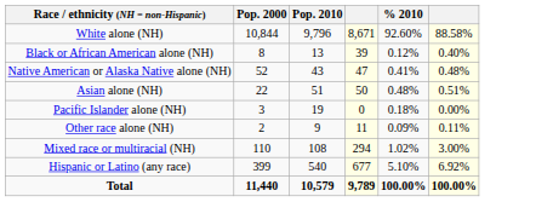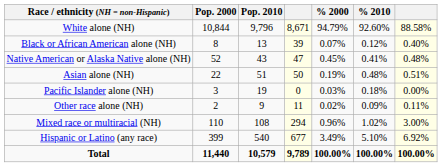 <table class="wikitable" style="text-align:center;">
 <tr>
 <th>Race / ethnicity <small>(<em>NH = non-Hispanic</em>)</small></th>
 <th>Pop. 2000</th>
 <th>Pop. 2010</th>
 <th></th>
+<th>% 2000</th>
 <th>% 2010</th>
 <th></th>
 </tr>
 <tr>
 <td><a href='#'>White</a> alone (NH)</td>
 <td>10,844</td>
 <td>9,796</td>
 <td style='background: #ffffe6;'>8,671</td>
+<td>94.79%</td>
 <td>92.60%</td>
 <td style='background: #ffffe6;'>88.58%</td>
 </tr>
 <tr>
 <td><a href='#'>Black or African American</a> alone (NH)</td>
 <td>8</td>
 <td>13</td>
 <td style='background: #ffffe6;'>39</td>
+<td>0.07%</td>
 <td>0.12%</td>
 <td style='background: #ffffe6;'>0.40%</td>
 </tr>
 <tr>
 <td><a href='#'>Native American</a> or <a href='#'>Alaska Native</a> alone (NH)</td>
 <td>52</td>
 <td>43</td>
 <td style='background: #ffffe6;'>47</td>
+<td>0.45%</td>
 <td>0.41%</td>
 <td style='background: #ffffe6;'>0.48%</td>
 </tr>
 <tr>
 <td><a href='#'>Asian</a> alone (NH)</td>
 <td>22</td>
 <td>51</td>
 <td style='background: #ffffe6;'>50</td>
+<td>0.19%</td>
 <td>0.48%</td>
 <td style='background: #ffffe6;'>0.51%</td>
 </tr>
 <tr>
 <td><a href='#'>Pacific Islander</a> alone (NH)</td>
 <td>3</td>
 <td>19</td>
 <td style='background: #ffffe6;'>0</td>
+<td>0.03%</td>
 <td>0.18%</td>
 <td style='background: #ffffe6;'>0.00%</td>
 </tr>
 <tr>
 <td><a href='#'>Other race</a> alone (NH)</td>
 <td>2</td>
 <td>9</td>
 <td style='background: #ffffe6;'>11</td>
+<td>0.02%</td>
 <td>0.09%</td>
 <td style='background: #ffffe6;'>0.11%</td>
 </tr>
 <tr>
 <td><a href='#'>Mixed race or multiracial</a> (NH)</td>
 <td>110</td>
 <td>108</td>
 <td style='background: #ffffe6;'>294</td>
+<td>0.96%</td>
 <td>1.02%</td>
 <td style='background: #ffffe6;'>3.00%</td>
 </tr>
 <tr>
 <td><a href='#'>Hispanic or Latino</a> (any race)</td>
 <td>399</td>
 <td>540</td>
 <td style='background: #ffffe6;'>677</td>
+<td>3.49%</td>
 <td>5.10%</td>
 <td style='background: #ffffe6;'>6.92%</td>
 </tr>
 <tr>
 <td><strong>Total</strong></td>
 <td><strong>11,440</strong></td>
 <td><strong>10,579</strong></td>
 <td style='background: #ffffe6;'><strong>9,789</strong></td>
 <td><strong>100.00%</strong></td>
+<td><strong>100.00%</strong></td>
 <td style='background: #ffffe6;'><strong>100.00%</strong></td>
 </tr>
 </table>
